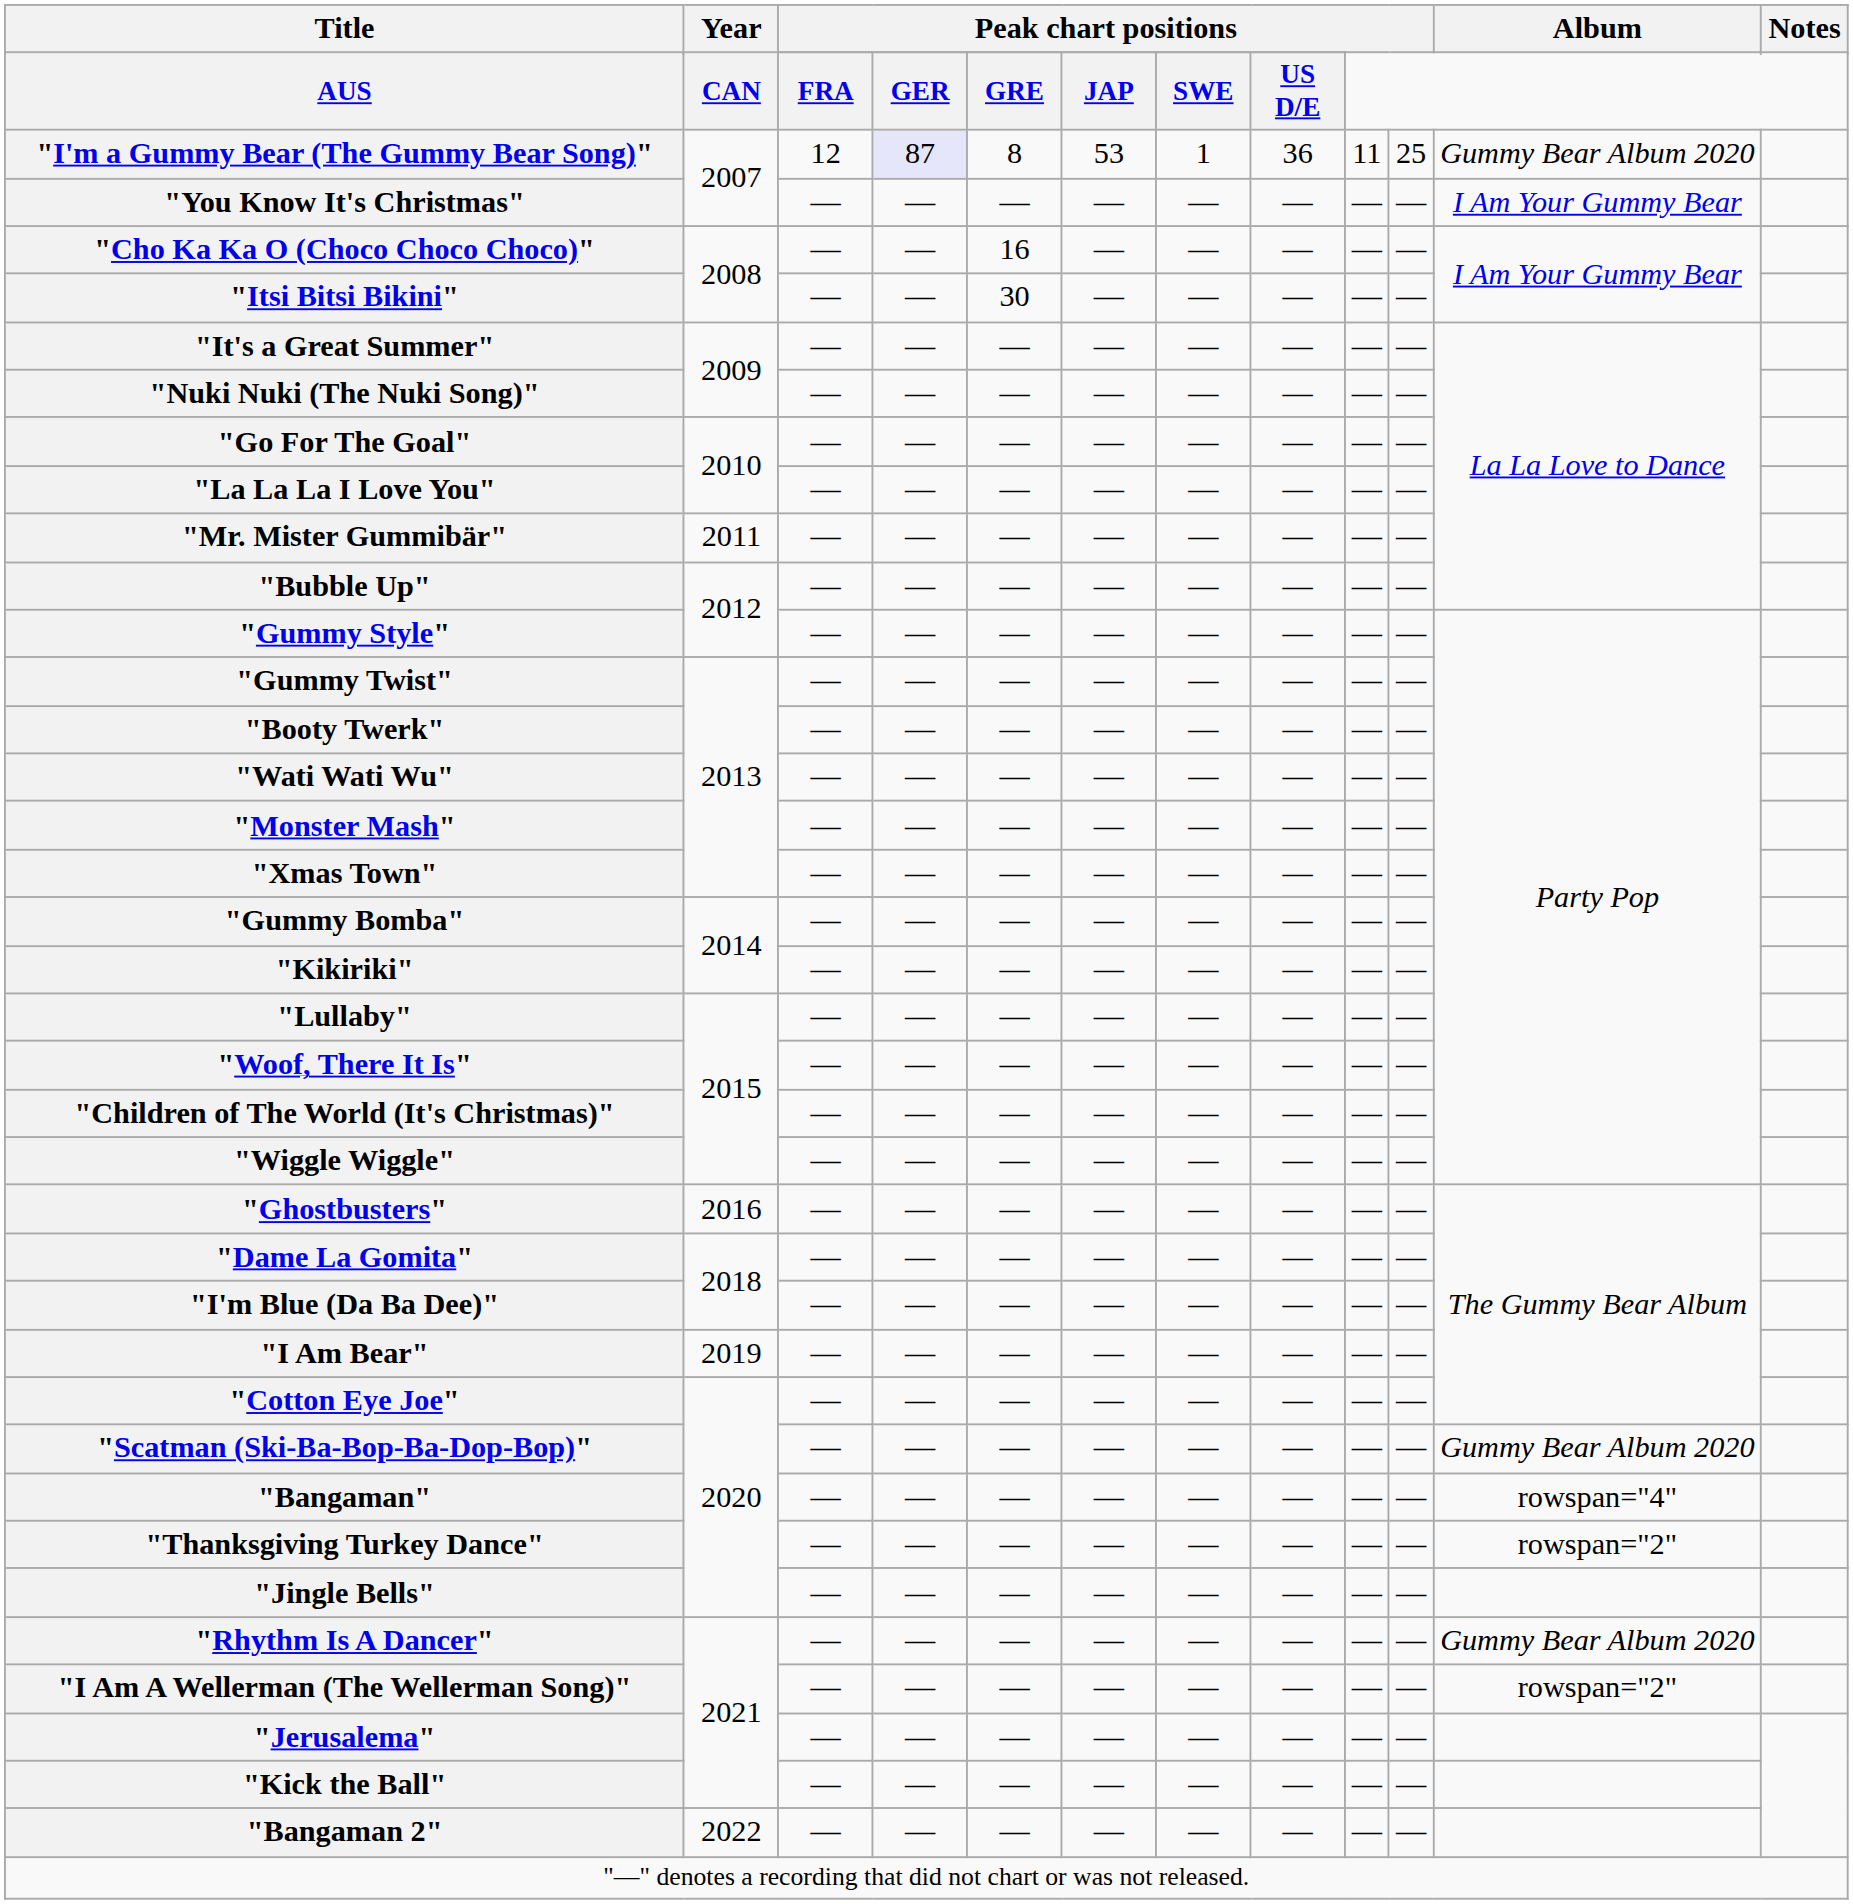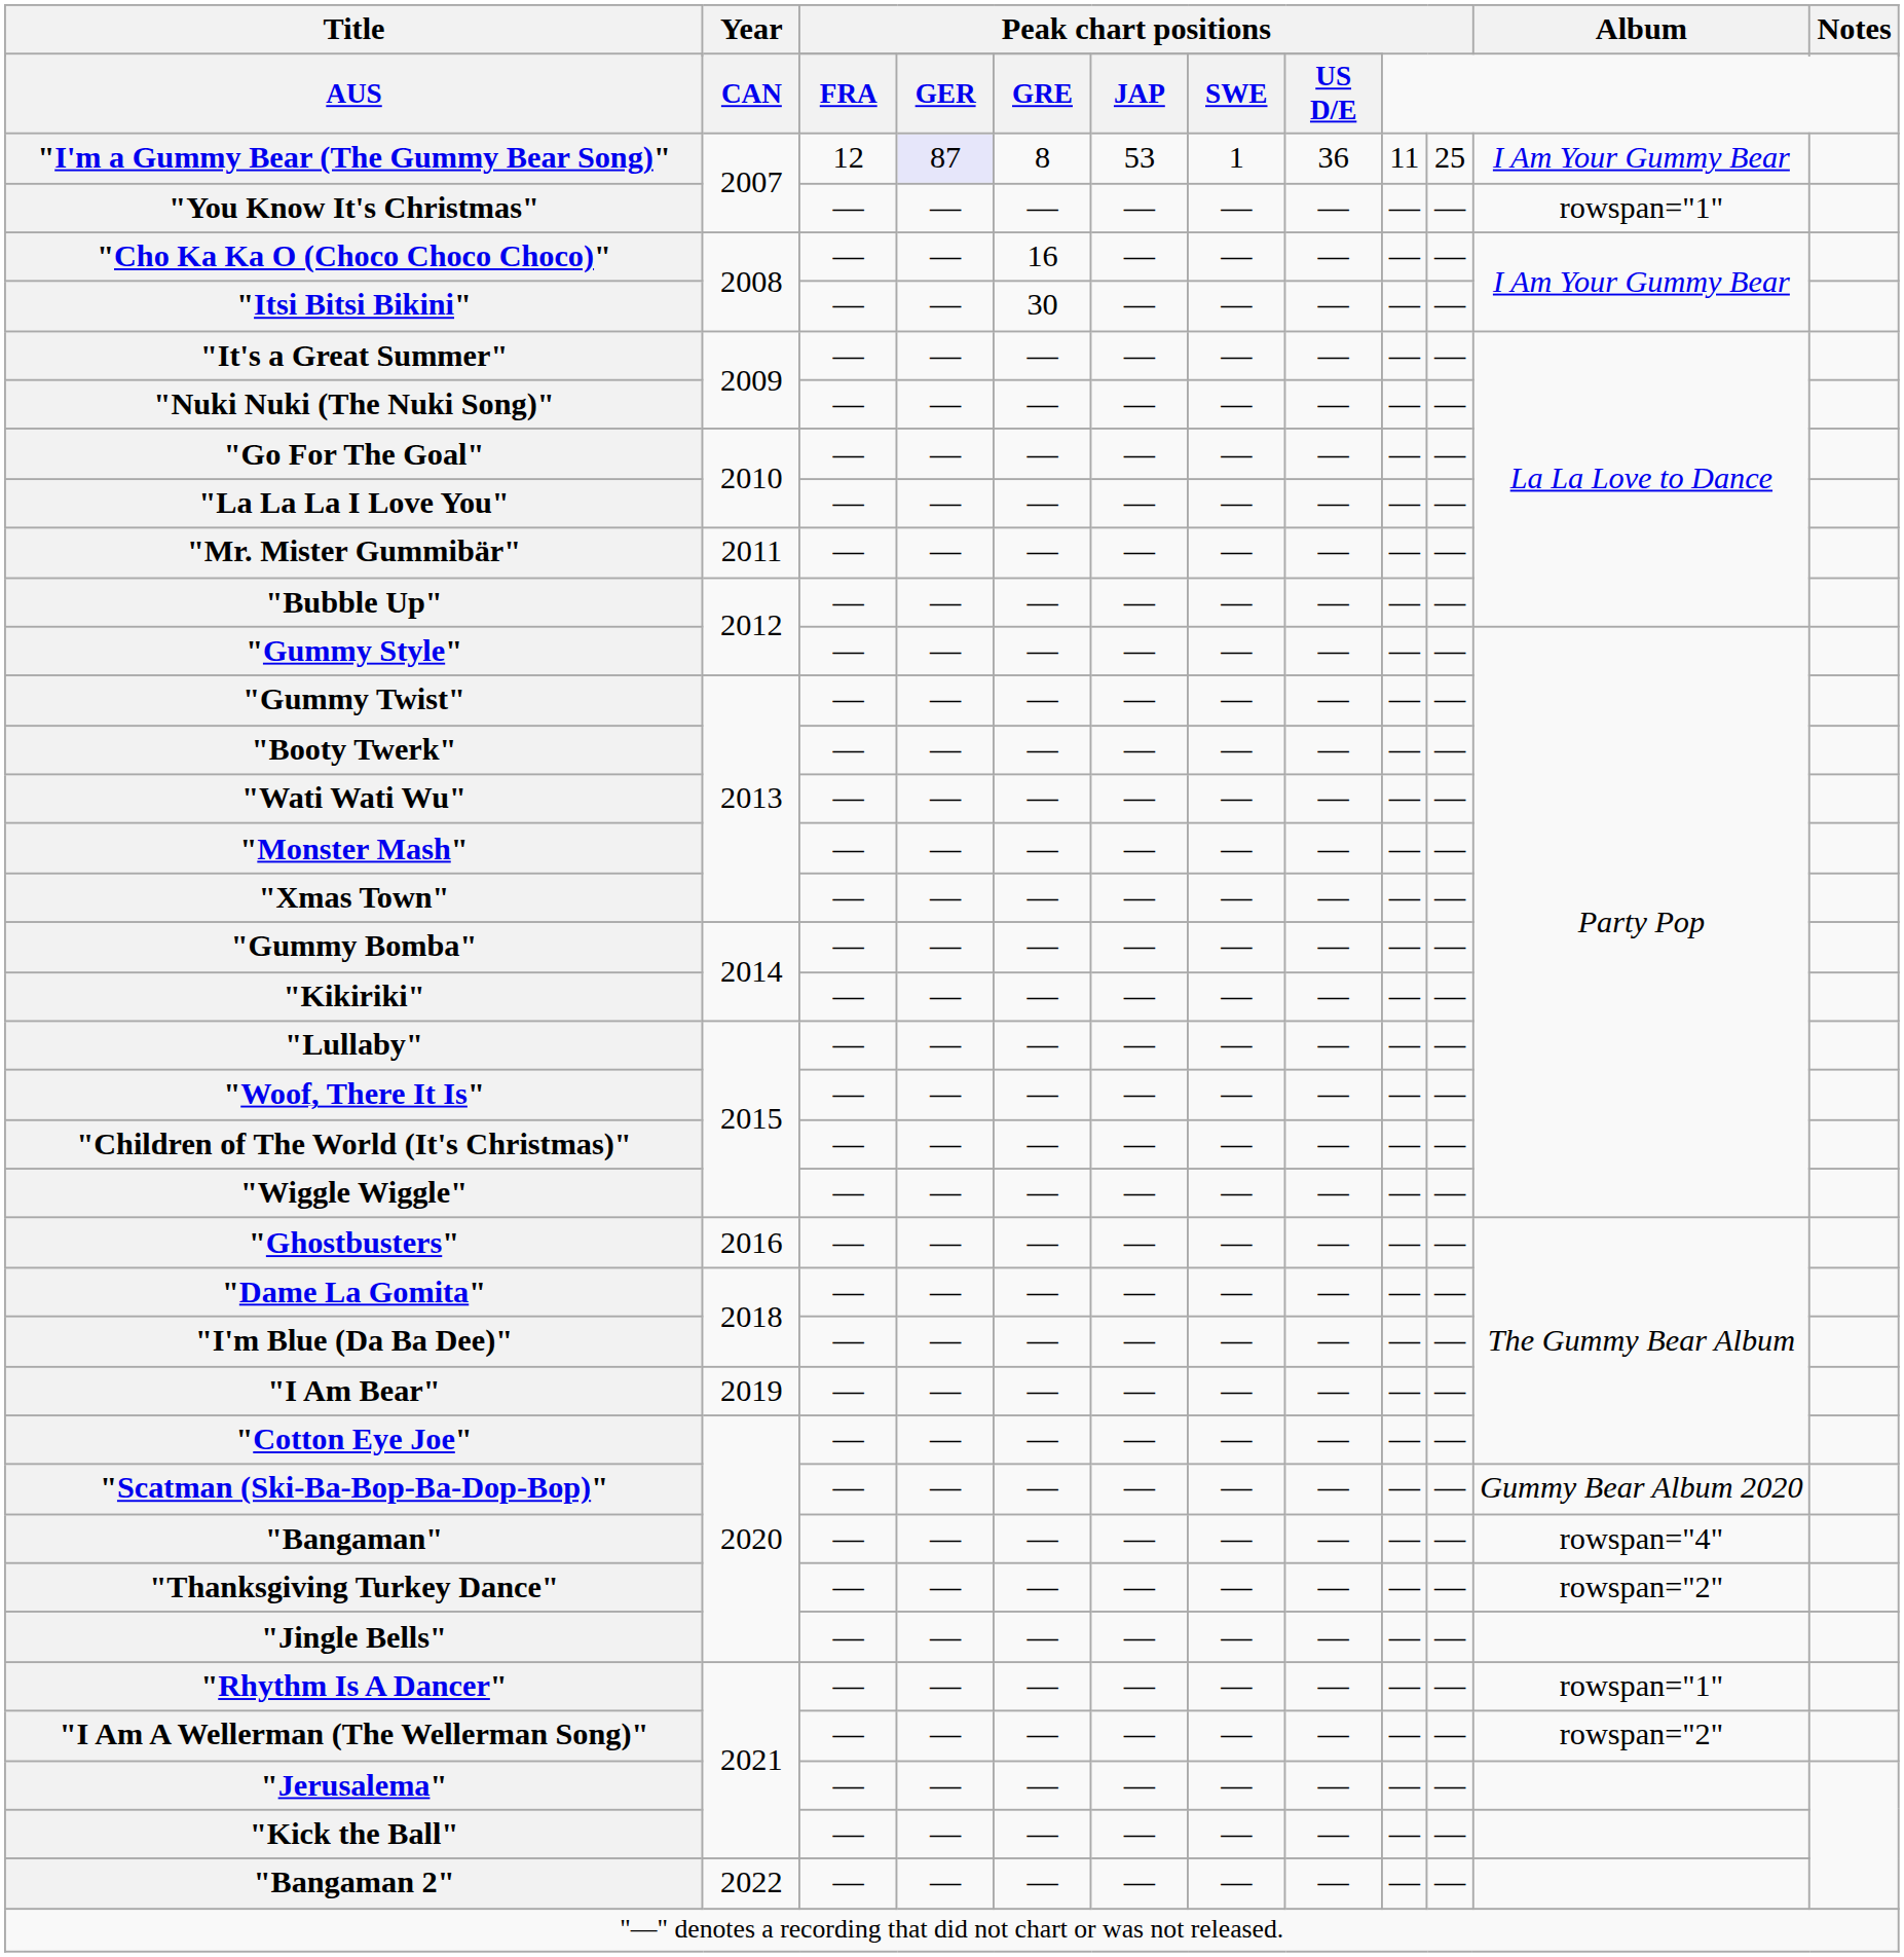 <table class="wikitable plainrowheaders" style="text-align:center;">
 <tr>
 <th scope="col" rowspan="2" style="width:22em;">Title</th>
 <th scope="col" rowspan="2" style="width:1em;">Year</th>
 <th scope="col" colspan="8">Peak chart positions</th>
 <th scope="col" rowspan="2">Album</th>
 <th scope="col" rowspan="2">Notes</th>
 </tr>
 <tr>
 </tr>
 <tr>
 <th scope="col" style="width:3em;font-size:90%;"><a href='#'>AUS</a><br></th>
 <th scope="col" style="width:3em;font-size:90%;"><a href='#'>CAN</a><br></th>
 <th scope="col" style="width:3em;font-size:90%;"><a href='#'>FRA</a><br></th>
 <th scope="col" style="width:3em;font-size:90%;"><a href='#'>GER</a><br></th>
 <th scope="col" style="width:3em;font-size:90%;"><a href='#'>GRE</a><br></th>
 <th scope="col" style="width:3em;font-size:90%;"><a href='#'>JAP</a><br></th>
 <th scope="col" style="width:3em;font-size:90%;"><a href='#'>SWE</a><br></th>
 <th scope="col" style="width:3em;font-size:90%;"><a href='#'>US <br> D/E</a><br></th>
 </tr>
 <tr>
 <th scope="row">"<a href='#'>I'm a Gummy Bear (The Gummy Bear Song)</a>"</th>
 <td rowspan="2">2007</td>
 <td>12</td>
 <td style="background: lavender;">87</td>
 <td>8</td>
 <td>53</td>
 <td>1</td>
 <td>36</td>
 <td>11</td>
 <td>25</td>
-<td rowspan="1"><em>Gummy Bear Album 2020</em></td>
+<td rowspan="1"><em><a href='#'>I Am Your Gummy Bear</a></em></td>
 <td></td>
 </tr>
 <tr>
 <th scope="row">"You Know It's Christmas"</th>
 <td>—</td>
 <td>—</td>
 <td>—</td>
 <td>—</td>
 <td>—</td>
 <td>—</td>
 <td>—</td>
 <td>—</td>
-<td rowspan="1"><em><a href='#'>I Am Your Gummy Bear</a></em></td>
+<td>rowspan="1" </td>
 <td></td>
 </tr>
 <tr>
 <th scope="row">"<a href='#'>Cho Ka Ka O (Choco Choco Choco)</a>"</th>
 <td rowspan="2">2008</td>
 <td>—</td>
 <td>—</td>
 <td>16</td>
 <td>—</td>
 <td>—</td>
 <td>—</td>
 <td>—</td>
 <td>—</td>
 <td rowspan="2"><em><a href='#'>I Am Your Gummy Bear</a></em></td>
 <td></td>
 </tr>
 <tr>
 <th scope="row">"<a href='#'>Itsi Bitsi Bikini</a>"</th>
 <td>—</td>
 <td>—</td>
 <td>30</td>
 <td>—</td>
 <td>—</td>
 <td>—</td>
 <td>—</td>
 <td>—</td>
 <td></td>
 </tr>
 <tr>
 <th scope="row">"It's a Great Summer"</th>
 <td rowspan="2">2009</td>
 <td>—</td>
 <td>—</td>
 <td>—</td>
 <td>—</td>
 <td>—</td>
 <td>—</td>
 <td>—</td>
 <td>—</td>
 <td rowspan="6"><em><a href='#'>La La Love to Dance</a></em></td>
 <td></td>
 </tr>
 <tr>
 <th scope="row">"Nuki Nuki (The Nuki Song)"</th>
 <td>—</td>
 <td>—</td>
 <td>—</td>
 <td>—</td>
 <td>—</td>
 <td>—</td>
 <td>—</td>
 <td>—</td>
 <td></td>
 </tr>
 <tr>
 <th scope="row">"Go For The Goal"</th>
 <td rowspan="2">2010</td>
 <td>—</td>
 <td>—</td>
 <td>—</td>
 <td>—</td>
 <td>—</td>
 <td>—</td>
 <td>—</td>
 <td>—</td>
 <td></td>
 </tr>
 <tr>
 <th scope="row">"La La La I Love You"</th>
 <td>—</td>
 <td>—</td>
 <td>—</td>
 <td>—</td>
 <td>—</td>
 <td>—</td>
 <td>—</td>
 <td>—</td>
 <td></td>
 </tr>
 <tr>
 <th scope="row">"Mr. Mister Gummibär"</th>
 <td>2011</td>
 <td>—</td>
 <td>—</td>
 <td>—</td>
 <td>—</td>
 <td>—</td>
 <td>—</td>
 <td>—</td>
 <td>—</td>
 <td></td>
 </tr>
 <tr>
 <th scope="row">"Bubble Up"</th>
 <td rowspan="2">2012</td>
 <td>—</td>
 <td>—</td>
 <td>—</td>
 <td>—</td>
 <td>—</td>
 <td>—</td>
 <td>—</td>
 <td>—</td>
 <td></td>
 </tr>
 <tr>
 <th scope="row">"<a href='#'>Gummy Style</a>"</th>
 <td>—</td>
 <td>—</td>
 <td>—</td>
 <td>—</td>
 <td>—</td>
 <td>—</td>
 <td>—</td>
 <td>—</td>
 <td rowspan="12"><em>Party Pop</em></td>
 <td></td>
 </tr>
 <tr>
 <th scope="row">"Gummy Twist"</th>
 <td rowspan="5'">2013</td>
 <td>—</td>
 <td>—</td>
 <td>—</td>
 <td>—</td>
 <td>—</td>
 <td>—</td>
 <td>—</td>
 <td>—</td>
 <td></td>
 </tr>
 <tr>
 <th scope="row">"Booty Twerk"</th>
 <td>—</td>
 <td>—</td>
 <td>—</td>
 <td>—</td>
 <td>—</td>
 <td>—</td>
 <td>—</td>
 <td>—</td>
 <td></td>
 </tr>
 <tr>
 <th scope="row">"Wati Wati Wu"</th>
 <td>—</td>
 <td>—</td>
 <td>—</td>
 <td>—</td>
 <td>—</td>
 <td>—</td>
 <td>—</td>
 <td>—</td>
 <td></td>
 </tr>
 <tr>
 <th scope="row">"<a href='#'>Monster Mash</a>"</th>
 <td>—</td>
 <td>—</td>
 <td>—</td>
 <td>—</td>
 <td>—</td>
 <td>—</td>
 <td>—</td>
 <td>—</td>
 <td></td>
 </tr>
 <tr>
 <th scope="row">"Xmas Town"</th>
 <td>—</td>
 <td>—</td>
 <td>—</td>
 <td>—</td>
 <td>—</td>
 <td>—</td>
 <td>—</td>
 <td>—</td>
 <td></td>
 </tr>
 <tr>
 <th scope="row">"Gummy Bomba"</th>
 <td rowspan="2">2014</td>
 <td>—</td>
 <td>—</td>
 <td>—</td>
 <td>—</td>
 <td>—</td>
 <td>—</td>
 <td>—</td>
 <td>—</td>
 <td></td>
 </tr>
 <tr>
 <th scope="row">"Kikiriki"</th>
 <td>—</td>
 <td>—</td>
 <td>—</td>
 <td>—</td>
 <td>—</td>
 <td>—</td>
 <td>—</td>
 <td>—</td>
 <td></td>
 </tr>
 <tr>
 <th scope="row">"Lullaby"</th>
 <td rowspan="4">2015</td>
 <td>—</td>
 <td>—</td>
 <td>—</td>
 <td>—</td>
 <td>—</td>
 <td>—</td>
 <td>—</td>
 <td>—</td>
 <td></td>
 </tr>
 <tr>
 <th scope="row">"<a href='#'>Woof, There It Is</a>"</th>
 <td>—</td>
 <td>—</td>
 <td>—</td>
 <td>—</td>
 <td>—</td>
 <td>—</td>
 <td>—</td>
 <td>—</td>
 <td></td>
 </tr>
 <tr>
 <th scope="row">"Children of The World (It's Christmas)"</th>
 <td>—</td>
 <td>—</td>
 <td>—</td>
 <td>—</td>
 <td>—</td>
 <td>—</td>
 <td>—</td>
 <td>—</td>
 <td></td>
 </tr>
 <tr>
 <th scope="row">"Wiggle Wiggle"</th>
 <td>—</td>
 <td>—</td>
 <td>—</td>
 <td>—</td>
 <td>—</td>
 <td>—</td>
 <td>—</td>
 <td>—</td>
 <td></td>
 </tr>
 <tr>
 <th scope="row">"<a href='#'>Ghostbusters</a>"</th>
 <td>2016</td>
 <td>—</td>
 <td>—</td>
 <td>—</td>
 <td>—</td>
 <td>—</td>
 <td>—</td>
 <td>—</td>
 <td>—</td>
 <td rowspan="5"><em>The Gummy Bear Album</em></td>
 <td></td>
 </tr>
 <tr>
 <th scope="row">"<a href='#'>Dame La Gomita</a>"</th>
 <td rowspan="2">2018</td>
 <td>—</td>
 <td>—</td>
 <td>—</td>
 <td>—</td>
 <td>—</td>
 <td>—</td>
 <td>—</td>
 <td>—</td>
 <td></td>
 </tr>
 <tr>
 <th scope="row">"I'm Blue (Da Ba Dee)"</th>
 <td>—</td>
 <td>—</td>
 <td>—</td>
 <td>—</td>
 <td>—</td>
 <td>—</td>
 <td>—</td>
 <td>—</td>
 <td></td>
 </tr>
 <tr>
 <th scope="row">"I Am Bear"</th>
 <td>2019</td>
 <td>—</td>
 <td>—</td>
 <td>—</td>
 <td>—</td>
 <td>—</td>
 <td>—</td>
 <td>—</td>
 <td>—</td>
 <td></td>
 </tr>
 <tr>
 <th scope="row">"<a href='#'>Cotton Eye Joe</a>"</th>
 <td rowspan="5">2020</td>
 <td>—</td>
 <td>—</td>
 <td>—</td>
 <td>—</td>
 <td>—</td>
 <td>—</td>
 <td>—</td>
 <td>—</td>
 <td></td>
 </tr>
 <tr>
 <th scope="row">"<a href='#'>Scatman (Ski-Ba-Bop-Ba-Dop-Bop)</a>"</th>
 <td>—</td>
 <td>—</td>
 <td>—</td>
 <td>—</td>
 <td>—</td>
 <td>—</td>
 <td>—</td>
 <td>—</td>
 <td rowspan="1"><em>Gummy Bear Album 2020</em></td>
 <td></td>
 </tr>
 <tr>
 <th scope="row">"Bangaman"</th>
 <td>—</td>
 <td>—</td>
 <td>—</td>
 <td>—</td>
 <td>—</td>
 <td>—</td>
 <td>—</td>
 <td>—</td>
 <td>rowspan="4" </td>
 <td></td>
 </tr>
 <tr>
 <th scope="row">"Thanksgiving Turkey Dance"</th>
 <td>—</td>
 <td>—</td>
 <td>—</td>
 <td>—</td>
 <td>—</td>
 <td>—</td>
 <td>—</td>
 <td>—</td>
 <td>rowspan="2" </td>
 <td></td>
 </tr>
 <tr>
 <th scope="row">"Jingle Bells"</th>
 <td>—</td>
 <td>—</td>
 <td>—</td>
 <td>—</td>
 <td>—</td>
 <td>—</td>
 <td>—</td>
 <td>—</td>
 <td></td>
 </tr>
 <tr>
 <th scope="row">"<a href='#'>Rhythm Is A Dancer</a>"</th>
 <td rowspan="4">2021</td>
 <td>—</td>
 <td>—</td>
 <td>—</td>
 <td>—</td>
 <td>—</td>
 <td>—</td>
 <td>—</td>
 <td>—</td>
-<td rowspan="1"><em>Gummy Bear Album 2020</em></td>
+<td>rowspan="1" </td>
 <td></td>
 </tr>
 <tr>
 <th scope="row">"I Am A Wellerman (The Wellerman Song)"</th>
 <td>—</td>
 <td>—</td>
 <td>—</td>
 <td>—</td>
 <td>—</td>
 <td>—</td>
 <td>—</td>
 <td>—</td>
 <td>rowspan="2" </td>
 <td></td>
 </tr>
 <tr>
 <th scope="row">"<a href='#'>Jerusalema</a>"</th>
 <td>—</td>
 <td>—</td>
 <td>—</td>
 <td>—</td>
 <td>—</td>
 <td>—</td>
 <td>—</td>
 <td>—</td>
 <td></td>
 </tr>
 <tr>
 <th scope="row">"Kick the Ball"</th>
 <td>—</td>
 <td>—</td>
 <td>—</td>
 <td>—</td>
 <td>—</td>
 <td>—</td>
 <td>—</td>
 <td>—</td>
 <td></td>
 </tr>
 <tr>
 <th scope="row">"Bangaman 2"</th>
 <td rowspan="1">2022</td>
 <td>—</td>
 <td>—</td>
 <td>—</td>
 <td>—</td>
 <td>—</td>
 <td>—</td>
 <td>—</td>
 <td>—</td>
 <td></td>
 </tr>
 <tr>
 <td colspan="13" style="font-size:85%">"—" denotes a recording that did not chart or was not released.</td>
 </tr>
 </table>
